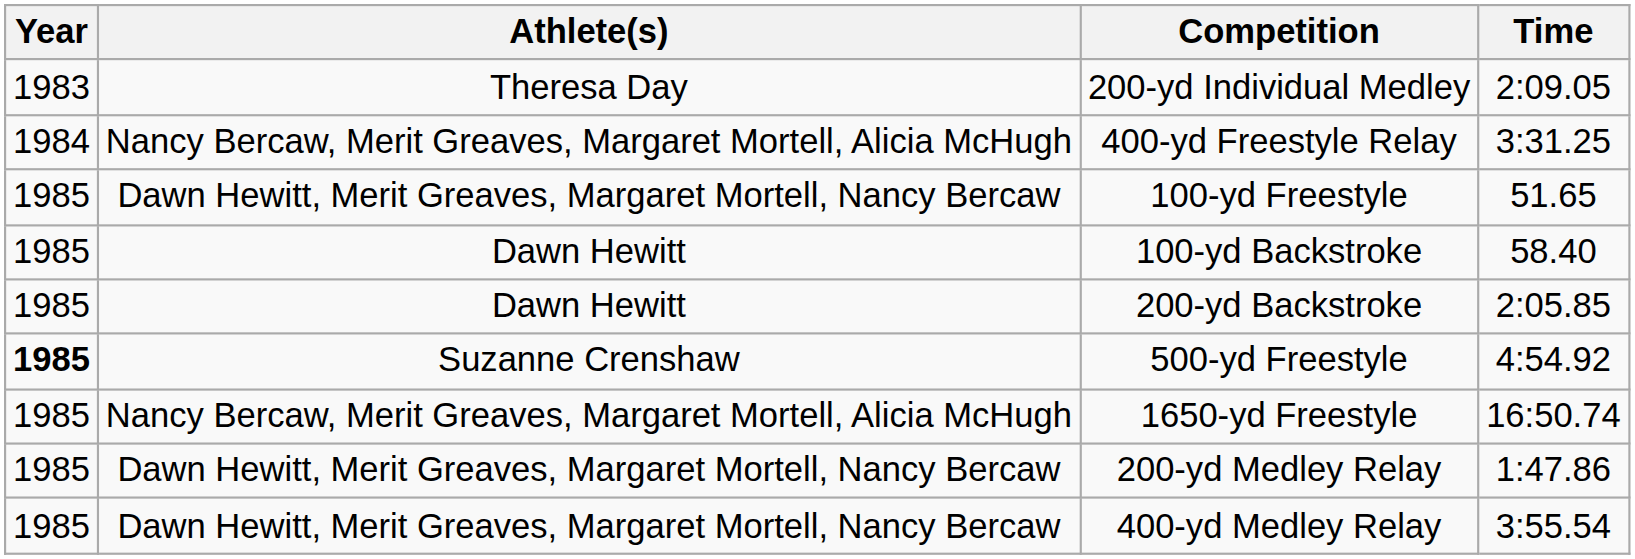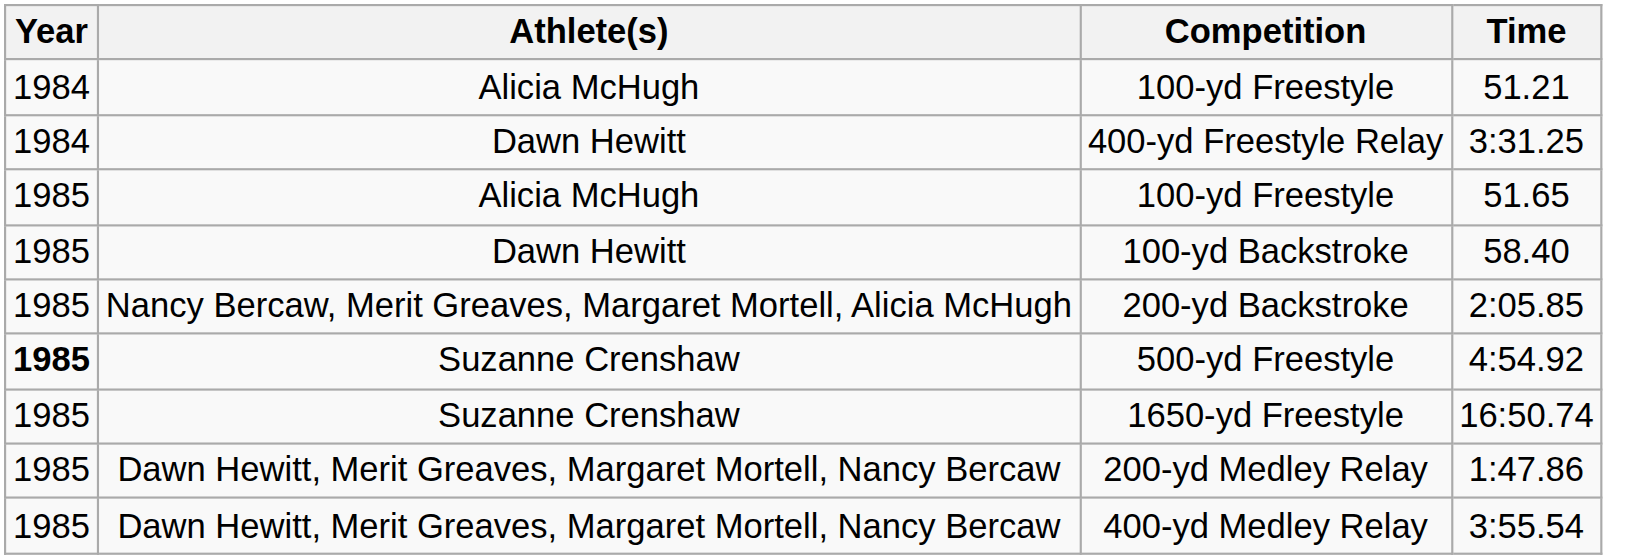 <table class="wikitable sortable" style="text-align:center;">
 <tr>
 <th style="text-align:center;">Year</th>
 <th style="text-align:center;">Athlete(s)</th>
 <th style="text-align:center;">Competition</th>
 <th style="text-align:center;">Time</th>
 </tr>
 <tr>
-<td>1983</td>
-<td>Theresa Day</td>
-<td>200-yd Individual Medley</td>
-<td>2:09.05</td>
+<td>1984</td>
+<td>Alicia McHugh</td>
+<td>100-yd Freestyle</td>
+<td>51.21</td>
 </tr>
 <tr>
 <td>1984</td>
-<td>Nancy Bercaw, Merit Greaves, Margaret Mortell, Alicia McHugh</td>
+<td>Dawn Hewitt</td>
 <td>400-yd Freestyle Relay</td>
 <td>3:31.25</td>
 </tr>
 <tr>
 <td>1985</td>
-<td>Dawn Hewitt, Merit Greaves, Margaret Mortell, Nancy Bercaw</td>
+<td>Alicia McHugh</td>
 <td>100-yd Freestyle</td>
 <td>51.65</td>
 </tr>
 <tr>
 <td>1985</td>
 <td>Dawn Hewitt</td>
 <td>100-yd Backstroke</td>
 <td>58.40</td>
 </tr>
 <tr>
 <td>1985</td>
-<td>Dawn Hewitt</td>
+<td>Nancy Bercaw, Merit Greaves, Margaret Mortell, Alicia McHugh</td>
 <td>200-yd Backstroke</td>
 <td>2:05.85</td>
 </tr>
 <tr>
 <td><strong>1985</strong></td>
 <td>Suzanne Crenshaw</td>
 <td>500-yd Freestyle</td>
 <td>4:54.92</td>
 </tr>
 <tr>
 <td>1985</td>
-<td>Nancy Bercaw, Merit Greaves, Margaret Mortell, Alicia McHugh</td>
+<td>Suzanne Crenshaw</td>
 <td>1650-yd Freestyle</td>
 <td>16:50.74</td>
 </tr>
 <tr>
 <td>1985</td>
 <td>Dawn Hewitt, Merit Greaves, Margaret Mortell, Nancy Bercaw</td>
 <td>200-yd Medley Relay</td>
 <td>1:47.86</td>
 </tr>
 <tr>
 <td>1985</td>
 <td>Dawn Hewitt, Merit Greaves, Margaret Mortell, Nancy Bercaw</td>
 <td>400-yd Medley Relay</td>
 <td>3:55.54</td>
 </tr>
 </table>
